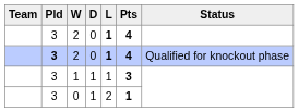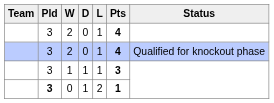 <table style=border-collapse:collapse border=1 cellspacing=0 cellpadding=5>
 <tr align=center bgcolor=#efefef>
 <th>Team</th>
 <th>Pld</th>
 <th>W</th>
 <th>D</th>
 <th>L</th>
 <th>Pts</th>
 <th>Status</th>
 </tr>
 <tr align=center style="background:#FFFFFF;">
 <td style="text-align:left;"> </td>
 <td>3</td>
 <td>2</td>
 <td>0</td>
-<td><strong>1</strong></td>
+<td>1</td>
 <td><strong>4</strong></td>
 <td rowspan=1></td>
 </tr>
 <tr align=center style="background:#bbccff;">
 <td style="text-align:left;"> </td>
-<td><strong>3</strong></td>
+<td>3</td>
 <td>2</td>
 <td>0</td>
-<td><strong>1</strong></td>
+<td>1</td>
 <td><strong>4</strong></td>
 <td rowspan=1>Qualified for knockout phase</td>
 </tr>
 <tr align=center style="background:#FFFFFF;">
 <td style="text-align:left;"> </td>
 <td>3</td>
 <td>1</td>
 <td>1</td>
 <td>1</td>
 <td><strong>3</strong></td>
 <td rowspan=2></td>
 </tr>
 <tr align=center style="background:#FFFFFF;">
 <td style="text-align:left;"> </td>
-<td>3</td>
+<td><strong>3</strong></td>
 <td>0</td>
 <td>1</td>
 <td>2</td>
 <td><strong>1</strong></td>
 </tr>
 </table>
